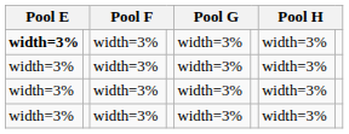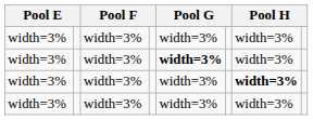 <table class="wikitable">
 <tr>
 <th colspan=2 width=25%>Pool E</th>
 <th colspan=2 width=25%>Pool F</th>
 <th colspan=2 width=25%>Pool G</th>
 <th colspan=2 width=25%>Pool H</th>
-</tr>
-<tr>
-<td><strong>width=3% </strong></td>
-<td></td>
-<td>width=3% </td>
-<td></td>
-<td>width=3% </td>
-<td></td>
-<td>width=3% </td>
-<td></td>
 </tr>
 <tr>
 <td>width=3% </td>
 <td></td>
 <td>width=3% </td>
 <td></td>
 <td>width=3% </td>
 <td></td>
 <td>width=3% </td>
 <td></td>
 </tr>
 <tr>
 <td>width=3% </td>
 <td></td>
 <td>width=3% </td>
 <td></td>
+<td><strong>width=3% </strong></td>
+<td></td>
+<td>width=3% </td>
+<td></td>
+</tr>
+<tr>
 <td>width=3% </td>
 <td></td>
 <td>width=3% </td>
+<td></td>
+<td>width=3% </td>
+<td></td>
+<td><strong>width=3% </strong></td>
 <td></td>
 </tr>
 <tr>
 <td>width=3% </td>
 <td></td>
 <td>width=3% </td>
 <td></td>
 <td>width=3% </td>
 <td></td>
 <td>width=3% </td>
 <td></td>
 </tr>
 </table>
